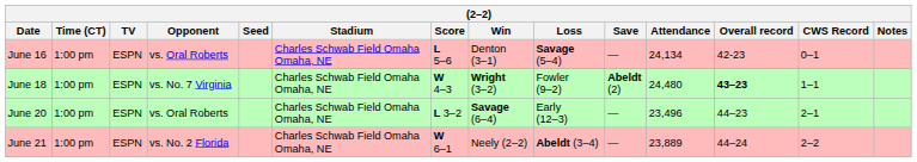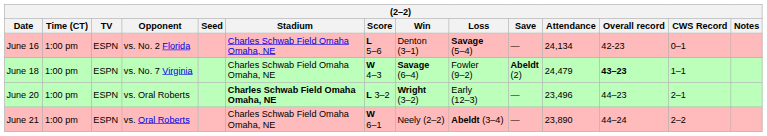 <table class="wikitable collapsible" style="margin:auto; font-size:95%; width:100%">
 <tr>
 <th colspan=15 style="padding-left:4em;"> (2–2)</th>
 </tr>
 <tr>
 <th>Date</th>
 <th>Time (CT)</th>
 <th>TV</th>
 <th>Opponent</th>
 <th>Seed</th>
 <th>Stadium</th>
 <th>Score</th>
 <th>Win</th>
 <th>Loss</th>
 <th>Save</th>
 <th>Attendance</th>
 <th>Overall record</th>
 <th>CWS Record</th>
 <th>Notes</th>
 </tr>
 <tr bgcolor= "#ffbbbb">
 <td>June 16</td>
 <td>1:00 pm</td>
 <td>ESPN</td>
-<td>vs. <a href='#'>Oral Roberts</a></td>
+<td>vs. No. 2 <a href='#'>Florida</a></td>
 <td></td>
 <td><a href='#'>Charles Schwab Field Omaha</a><br><a href='#'>Omaha, NE</a></td>
 <td><strong>L</strong><br>5–6</td>
 <td>Denton<br>(3–1)</td>
 <td><strong>Savage</strong><br>(5–4)</td>
 <td>—</td>
 <td>24,134</td>
 <td>42-23</td>
 <td>0–1</td>
 <td></td>
 </tr>
 <tr bgcolor= "#bbffbb">
 <td>June 18</td>
 <td>1:00 pm</td>
 <td>ESPN</td>
 <td>vs. No. 7 <a href='#'>Virginia</a></td>
 <td></td>
 <td>Charles Schwab Field Omaha<br>Omaha, NE</td>
 <td><strong>W</strong><br>4–3</td>
-<td><strong>Wright</strong><br>(3–2)</td>
+<td><strong>Savage</strong><br>(6–4)</td>
 <td>Fowler<br>(9–2)</td>
 <td><strong>Abeldt</strong><br>(2)</td>
-<td>24,480</td>
+<td>24,479</td>
 <td><strong>43–23</strong></td>
 <td>1–1</td>
 <td></td>
 </tr>
 <tr bgcolor= "#bbffbb">
 <td>June 20</td>
 <td>1:00 pm</td>
 <td>ESPN</td>
 <td>vs. Oral Roberts</td>
 <td></td>
-<td>Charles Schwab Field Omaha<br>Omaha, NE</td>
+<td><strong>Charles Schwab Field Omaha<br>Omaha, NE</strong></td>
 <td><strong>L</strong> 3–2</td>
-<td><strong>Savage</strong><br>(6–4)</td>
+<td><strong>Wright</strong><br>(3–2)</td>
 <td>Early<br>(12–3)</td>
 <td>—</td>
 <td>23,496</td>
 <td>44–23</td>
 <td>2–1</td>
 <td></td>
 </tr>
 <tr bgcolor= "#ffbbbb">
 <td>June 21</td>
 <td>1:00 pm</td>
 <td>ESPN</td>
-<td>vs. No. 2 <a href='#'>Florida</a></td>
+<td>vs. <a href='#'>Oral Roberts</a></td>
 <td></td>
 <td>Charles Schwab Field Omaha<br>Omaha, NE</td>
 <td><strong>W</strong><br>6–1</td>
 <td>Neely (2–2)</td>
 <td><strong>Abeldt</strong> (3–4)</td>
 <td>—</td>
-<td>23,889</td>
+<td>23,890</td>
 <td>44–24</td>
 <td>2–2</td>
 <td></td>
 </tr>
 </table>
